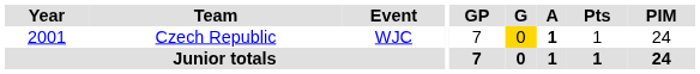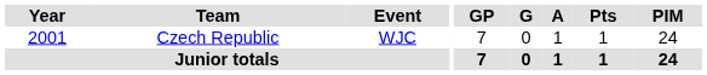 <table border="0" cellpadding="1" cellspacing="0" ID="Table3" style="text-align:center; width:40em">
 <tr bgcolor="#e0e0e0">
 <th>Year</th>
 <th>Team</th>
 <th>Event</th>
 <th rowspan="102" bgcolor="#ffffff"></th>
 <th>GP</th>
 <th>G</th>
 <th>A</th>
 <th>Pts</th>
 <th>PIM</th>
 </tr>
 <tr>
 <td><a href='#'>2001</a></td>
 <td><a href='#'>Czech Republic</a></td>
 <td><a href='#'>WJC</a></td>
 <td>7</td>
-<td style="background: gold;">0</td>
-<td><strong>1</strong></td>
+<td>0</td>
+<td>1</td>
 <td>1</td>
 <td>24</td>
 </tr>
 <tr bgcolor="#e0e0e0">
 <th colspan="3">Junior totals</th>
 <th>7</th>
 <th>0</th>
 <th>1</th>
 <th>1</th>
 <th>24</th>
 </tr>
 </table>
